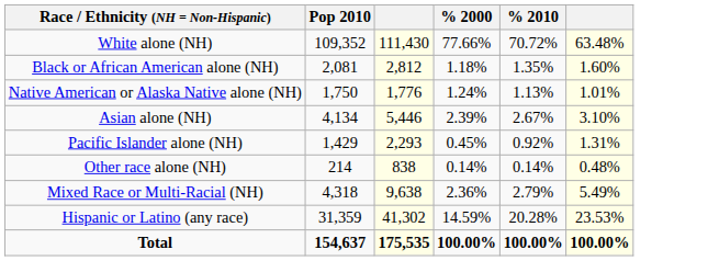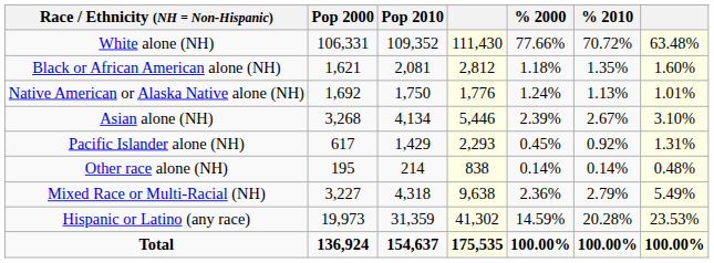 <table class="wikitable" style="text-align:center;">
 <tr>
 <th>Race / Ethnicity <small>(<em>NH = Non-Hispanic</em>)</small></th>
+<th>Pop 2000</th>
 <th>Pop 2010</th>
 <th></th>
 <th>% 2000</th>
 <th>% 2010</th>
 <th></th>
 </tr>
 <tr>
 <td><a href='#'>White</a> alone (NH)</td>
+<td>106,331</td>
 <td>109,352</td>
 <td style='background: #ffffe6;'>111,430</td>
 <td>77.66%</td>
 <td>70.72%</td>
 <td style='background: #ffffe6;'>63.48%</td>
 </tr>
 <tr>
 <td><a href='#'>Black or African American</a> alone (NH)</td>
+<td>1,621</td>
 <td>2,081</td>
 <td style='background: #ffffe6;'>2,812</td>
 <td>1.18%</td>
 <td>1.35%</td>
 <td style='background: #ffffe6;'>1.60%</td>
 </tr>
 <tr>
 <td><a href='#'>Native American</a> or <a href='#'>Alaska Native</a> alone (NH)</td>
+<td>1,692</td>
 <td>1,750</td>
 <td style='background: #ffffe6;'>1,776</td>
 <td>1.24%</td>
 <td>1.13%</td>
 <td style='background: #ffffe6;'>1.01%</td>
 </tr>
 <tr>
 <td><a href='#'>Asian</a> alone (NH)</td>
+<td>3,268</td>
 <td>4,134</td>
 <td style='background: #ffffe6;'>5,446</td>
 <td>2.39%</td>
 <td>2.67%</td>
 <td style='background: #ffffe6;'>3.10%</td>
 </tr>
 <tr>
 <td><a href='#'>Pacific Islander</a> alone (NH)</td>
+<td>617</td>
 <td>1,429</td>
 <td style='background: #ffffe6;'>2,293</td>
 <td>0.45%</td>
 <td>0.92%</td>
 <td style='background: #ffffe6;'>1.31%</td>
 </tr>
 <tr>
 <td><a href='#'>Other race</a> alone (NH)</td>
+<td>195</td>
 <td>214</td>
 <td style='background: #ffffe6;'>838</td>
 <td>0.14%</td>
 <td>0.14%</td>
 <td style='background: #ffffe6;'>0.48%</td>
 </tr>
 <tr>
 <td><a href='#'>Mixed Race or Multi-Racial</a> (NH)</td>
+<td>3,227</td>
 <td>4,318</td>
 <td style='background: #ffffe6;'>9,638</td>
 <td>2.36%</td>
 <td>2.79%</td>
 <td style='background: #ffffe6;'>5.49%</td>
 </tr>
 <tr>
 <td><a href='#'>Hispanic or Latino</a> (any race)</td>
+<td>19,973</td>
 <td>31,359</td>
 <td style='background: #ffffe6;'>41,302</td>
 <td>14.59%</td>
 <td>20.28%</td>
 <td style='background: #ffffe6;'>23.53%</td>
 </tr>
 <tr>
 <td><strong>Total</strong></td>
+<td><strong>136,924</strong></td>
 <td><strong>154,637</strong></td>
 <td style='background: #ffffe6;'><strong>175,535</strong></td>
 <td><strong>100.00%</strong></td>
 <td><strong>100.00%</strong></td>
 <td style='background: #ffffe6;'><strong>100.00%</strong></td>
 </tr>
 </table>
